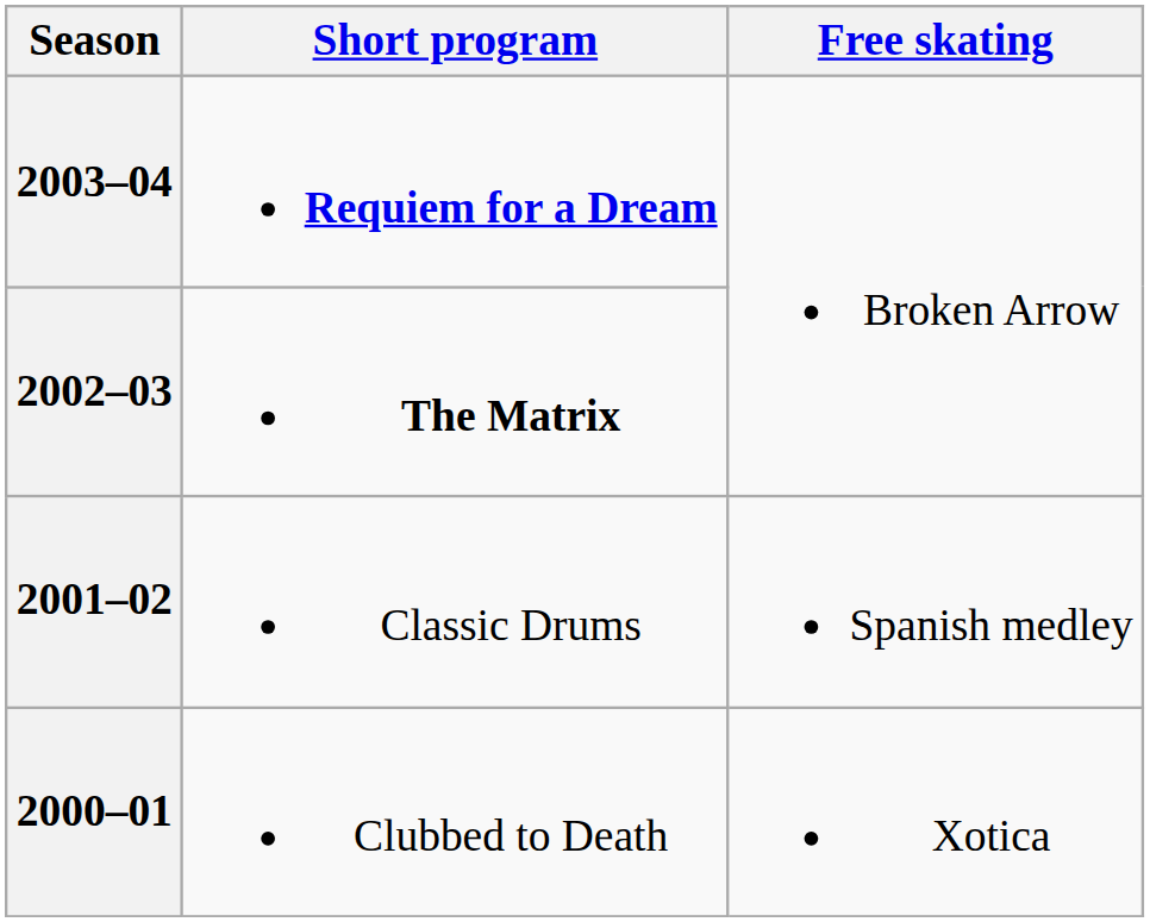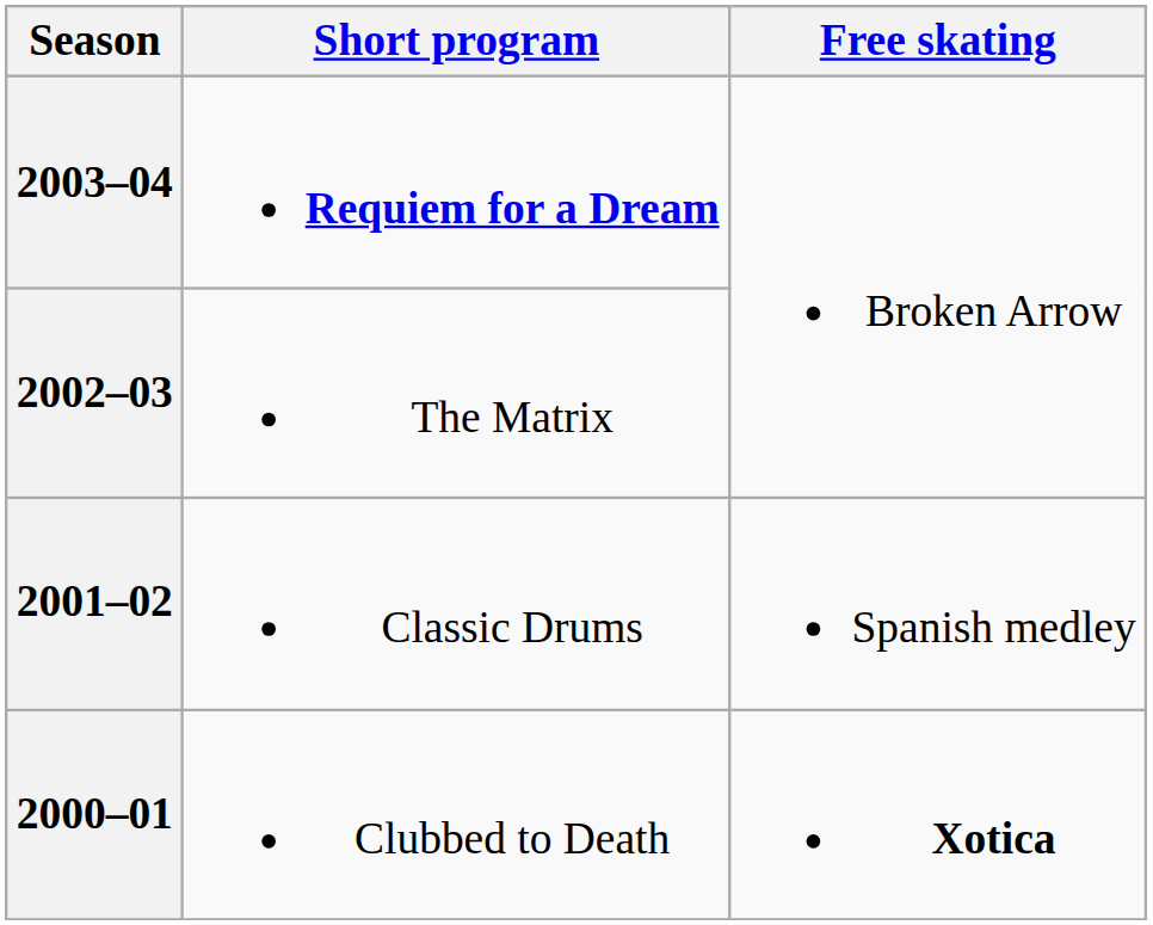 <table class=wikitable style=text-align:center>
 <tr>
 <th>Season</th>
 <th><a href='#'>Short program</a></th>
 <th><a href='#'>Free skating</a></th>
 </tr>
 <tr>
 <th>2003–04 <br> </th>
 <td><strong><br><ul><li><a href='#'>Requiem for a Dream</a> <br></li></ul></strong></td>
 <td rowspan=2><br><ul><li>Broken Arrow <br></li></ul></td>
 </tr>
 <tr>
 <th>2002–03 <br> </th>
-<td><strong><br><ul><li>The Matrix <br></li></ul></strong></td>
+<td><br><ul><li>The Matrix <br></li></ul></td>
 </tr>
 <tr>
 <th>2001–02 <br> </th>
 <td><br><ul><li>Classic Drums <br></li></ul></td>
 <td><br><ul><li>Spanish medley <br></li></ul></td>
 </tr>
 <tr>
 <th>2000–01 <br> </th>
 <td><br><ul><li>Clubbed to Death <br></li></ul></td>
-<td><br><ul><li>Xotica <br></li></ul></td>
+<td><strong><br><ul><li>Xotica <br></li></ul></strong></td>
 </tr>
 </table>
